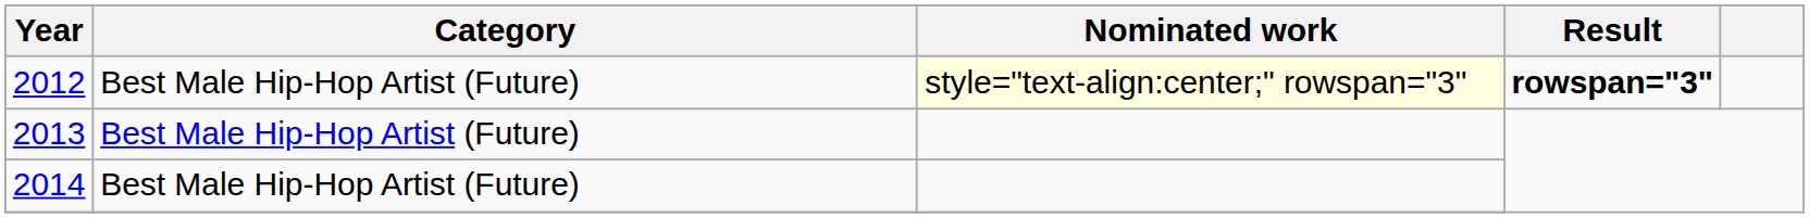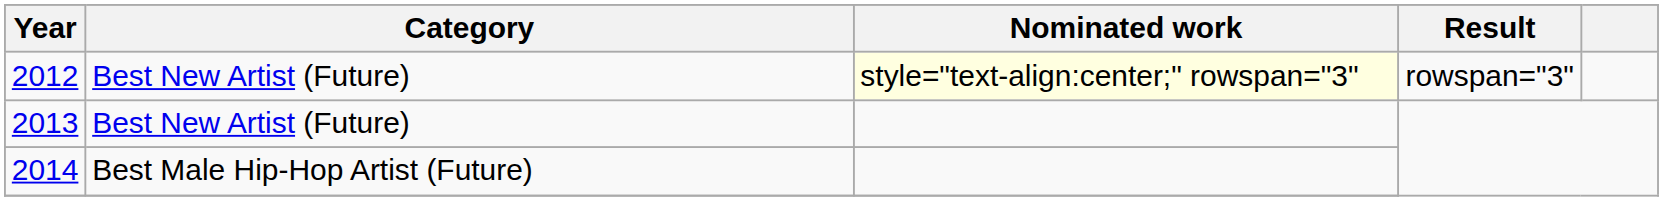 <table class="wikitable plainrowheaders" style="width:70%;">
 <tr>
 <th scope="col" style="width:4%;">Year</th>
 <th scope="col" style="width:50%;">Category</th>
 <th scope="col" style="width:35%;">Nominated work</th>
 <th scope="col" style="width:6%;">Result</th>
 <th scope="col" style="width:6%;"></th>
 </tr>
 <tr>
 <td><a href='#'>2012</a></td>
-<td>Best Male Hip-Hop Artist (Future)</td>
+<td><a href='#'>Best New Artist</a> (Future)</td>
 <td style="background: lightyellow;">style="text-align:center;" rowspan="3" </td>
-<td><strong>rowspan="3" </strong></td>
+<td>rowspan="3" </td>
 <td></td>
 </tr>
 <tr>
 <td><a href='#'>2013</a></td>
-<td><a href='#'>Best Male Hip-Hop Artist</a> (Future)</td>
+<td><a href='#'>Best New Artist</a> (Future)</td>
 <td></td>
 </tr>
 <tr>
 <td><a href='#'>2014</a></td>
 <td>Best Male Hip-Hop Artist (Future)</td>
 <td></td>
 </tr>
 <tr>
 </tr>
 </table>
